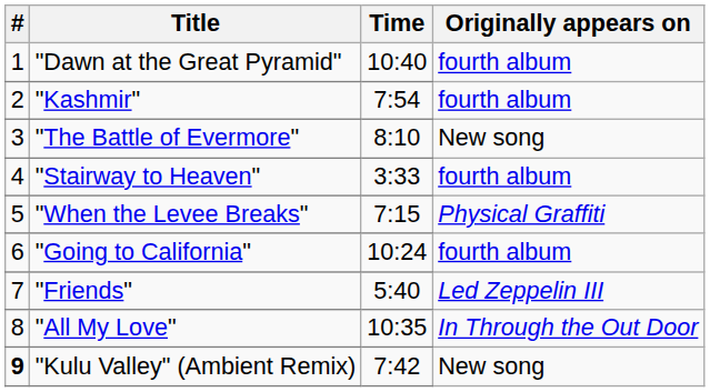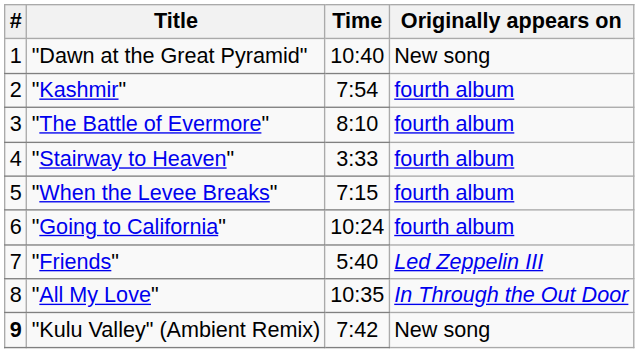 <table class="wikitable">
 <tr>
 <th scope="col" style="background:#efefef;">#</th>
 <th scope="col">Title</th>
 <th scope="col">Time</th>
 <th scope="col">Originally appears on</th>
 </tr>
 <tr>
 <td style="border-bottom:1px solid grey;" align="center">1</td>
 <td scope="row" style="border-bottom:1px solid grey;" align="left">"Dawn at the Great Pyramid"</td>
 <td style="border-bottom:1px solid grey;" align="center">10:40</td>
-<td><a href='#'>fourth album</a></td>
+<td>New song</td>
 </tr>
 <tr>
 <td style="border-bottom:1px solid grey;" align="center">2</td>
 <td scope="row" style="border-bottom:1px solid grey;" align="left">"<a href='#'>Kashmir</a>"</td>
 <td style="border-bottom:1px solid grey;" align="center">7:54</td>
 <td><a href='#'>fourth album</a></td>
 </tr>
 <tr>
 <td style="border-bottom:1px solid grey;" align="center">3</td>
 <td scope="row" style="border-bottom:1px solid grey;" align="left">"<a href='#'>The Battle of Evermore</a>"</td>
 <td style="border-bottom:1px solid grey;" align="center">8:10</td>
-<td>New song</td>
+<td><a href='#'>fourth album</a></td>
 </tr>
 <tr>
 <td style="border-bottom:1px solid grey;" align="center">4</td>
 <td scope="row" style="border-bottom:1px solid grey;" align="left">"<a href='#'>Stairway to Heaven</a>"</td>
 <td style="border-bottom:1px solid grey;" align="center">3:33</td>
 <td><a href='#'>fourth album</a></td>
 </tr>
 <tr>
 <td style="border-bottom:1px solid grey;" align="center">5</td>
 <td scope="row" style="border-bottom:1px solid grey;" align="left">"<a href='#'>When the Levee Breaks</a>"</td>
 <td style="border-bottom:1px solid grey;" align="center">7:15</td>
-<td><em><a href='#'>Physical Graffiti</a></em></td>
+<td><a href='#'>fourth album</a></td>
 </tr>
 <tr>
 <td style="border-bottom:1px solid grey;" align="center">6</td>
 <td scope="row" style="border-bottom:1px solid grey;" align="left">"<a href='#'>Going to California</a>"</td>
 <td style="border-bottom:1px solid grey;" align="center">10:24</td>
 <td><a href='#'>fourth album</a></td>
 </tr>
 <tr>
 <td style="border-bottom:1px solid grey;" align="center">7</td>
 <td scope="row" style="border-bottom:1px solid grey;" align="left">"<a href='#'>Friends</a>"</td>
 <td style="border-bottom:1px solid grey;" align="center">5:40</td>
 <td><em><a href='#'>Led Zeppelin III</a></em></td>
 </tr>
 <tr>
 <td style="border-bottom:1px solid grey;" align="center">8</td>
 <td scope="row" style="border-bottom:1px solid grey;" align="left">"<a href='#'>All My Love</a>"</td>
 <td style="border-bottom:1px solid grey;" align="center">10:35</td>
 <td><em><a href='#'>In Through the Out Door</a></em></td>
 </tr>
 <tr>
 <td style="border-bottom:1px solid grey;" align="center"><strong>9</strong></td>
 <td scope="row" style="border-bottom:1px solid grey;" align="left">"Kulu Valley" (Ambient Remix)</td>
 <td style="border-bottom:1px solid grey;" align="center">7:42</td>
 <td>New song</td>
 </tr>
 </table>
